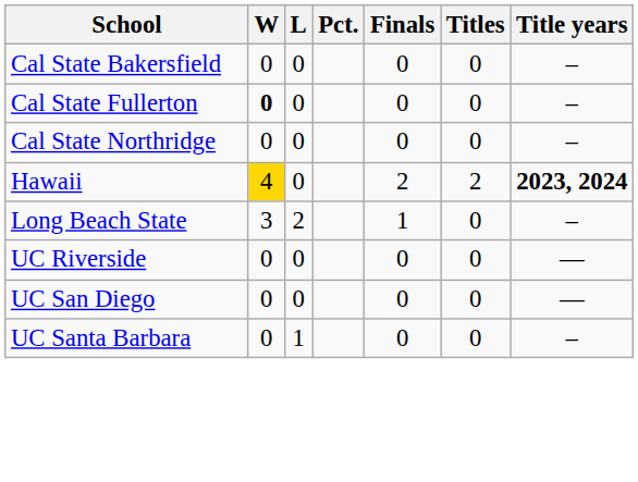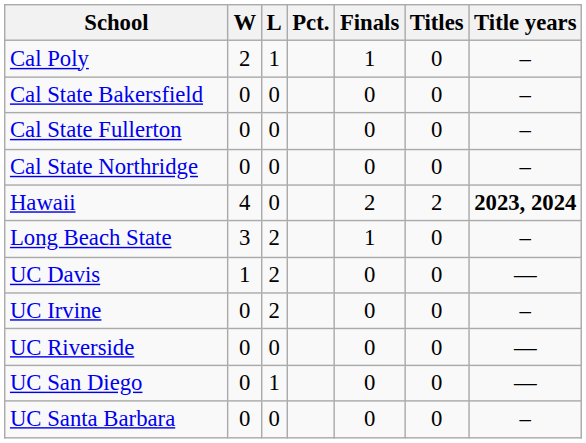 <table class="wikitable sortable" style="text-align:center">
 <tr>
 <th width=150px>School</th>
 <th width=px>W</th>
 <th width=px>L</th>
 <th width=px>Pct.</th>
 <th width=px>Finals</th>
 <th width=px>Titles</th>
 <th width=px>Title years</th>
+</tr>
+<tr>
+<td align=left><a href='#'>Cal Poly</a></td>
+<td>2</td>
+<td>1</td>
+<td></td>
+<td>1</td>
+<td>0</td>
+<td>–</td>
 </tr>
 <tr>
 <td align=left><a href='#'>Cal State Bakersfield</a></td>
 <td>0</td>
 <td>0</td>
 <td></td>
 <td>0</td>
 <td>0</td>
 <td>–</td>
 </tr>
 <tr>
 <td align=left><a href='#'>Cal State Fullerton</a></td>
-<td><strong>0</strong></td>
+<td>0</td>
 <td>0</td>
 <td></td>
 <td>0</td>
 <td>0</td>
 <td>–</td>
 </tr>
 <tr>
 <td align=left><a href='#'>Cal State Northridge</a></td>
 <td>0</td>
 <td>0</td>
 <td></td>
 <td>0</td>
 <td>0</td>
 <td>–</td>
 </tr>
 <tr>
 <td align=left><a href='#'>Hawaii</a></td>
-<td style="background: gold;">4</td>
+<td>4</td>
 <td>0</td>
 <td></td>
 <td>2</td>
 <td>2</td>
 <td><strong>2023, 2024</strong></td>
 </tr>
 <tr>
 <td align=left><a href='#'>Long Beach State</a></td>
 <td>3</td>
 <td>2</td>
 <td></td>
 <td>1</td>
 <td>0</td>
 <td>–</td>
 </tr>
 <tr>
+<td align=left><a href='#'>UC Davis</a></td>
+<td>1</td>
+<td>2</td>
+<td></td>
+<td>0</td>
+<td>0</td>
+<td>—</td>
+</tr>
+<tr>
+<td align=left><a href='#'>UC Irvine</a></td>
+<td>0</td>
+<td>2</td>
+<td></td>
+<td>0</td>
+<td>0</td>
+<td>–</td>
+</tr>
+<tr>
 <td align=left><a href='#'>UC Riverside</a></td>
 <td>0</td>
 <td>0</td>
 <td></td>
 <td>0</td>
 <td>0</td>
 <td>—</td>
 </tr>
 <tr>
 <td align=left><a href='#'>UC San Diego</a></td>
 <td>0</td>
-<td>0</td>
+<td>1</td>
 <td></td>
 <td>0</td>
 <td>0</td>
 <td>—</td>
 </tr>
 <tr>
 <td align=left><a href='#'>UC Santa Barbara</a></td>
 <td>0</td>
-<td>1</td>
+<td>0</td>
 <td></td>
 <td>0</td>
 <td>0</td>
 <td>–</td>
 </tr>
 </table>
